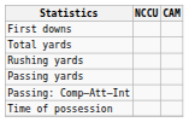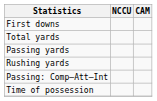 <table class="wikitable" style="float: left;">
 <tr>
 <th>Statistics</th>
 <th>NCCU</th>
 <th>CAM</th>
 </tr>
 <tr>
 <td>First downs</td>
 <td></td>
 <td></td>
 </tr>
 <tr>
 <td>Total yards</td>
 <td></td>
 <td></td>
 </tr>
 <tr>
-<td>Rushing yards</td>
+<td>Passing yards</td>
 <td></td>
 <td></td>
 </tr>
 <tr>
-<td>Passing yards</td>
+<td>Rushing yards</td>
 <td></td>
 <td></td>
 </tr>
 <tr>
 <td>Passing: Comp–Att–Int</td>
 <td></td>
 <td></td>
 </tr>
 <tr>
 <td>Time of possession</td>
 <td></td>
 <td></td>
 </tr>
 <tr>
 </tr>
 </table>
